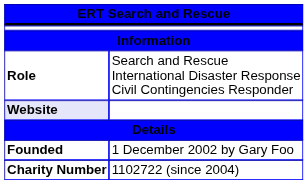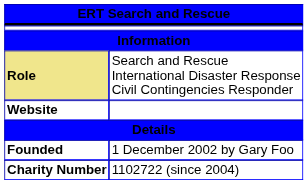 <table border="1" cellpadding="2" cellspacing="0" style="margin-left:1em; border:3px blue; " align="right">
 <tr>
 <th bgcolor="blue" colspan="3" align="center" style="border-bottom:3px solid"><span>ERT Search and Rescue</span></th>
 </tr>
 <tr>
 <td colspan="3" align="center"></td>
 </tr>
 <tr>
 <th bgcolor="blue" colspan="3"><span>Information</span></th>
 </tr>
 <tr>
-<td><strong>Role</strong></td>
+<td style="background: khaki;"><strong>Role</strong></td>
 <td colspan="2">Search and Rescue<br> International Disaster Response <br>Civil Contingencies Responder</td>
 </tr>
 <tr>
-<td style="background: lavender;"><strong>Website</strong></td>
+<td><strong>Website</strong></td>
 <td colspan="3"></td>
 </tr>
 <tr>
 </tr>
 <tr>
 </tr>
 <tr>
 <th bgcolor="blue" colspan="3"><span>Details</span></th>
 </tr>
 <tr>
 <td><strong>Founded</strong></td>
 <td colspan="2">1 December 2002 by Gary Foo</td>
 </tr>
 <tr>
 <td><strong>Charity Number</strong></td>
 <td colspan="2">1102722 (since 2004)</td>
 </tr>
 <tr>
 </tr>
 </table>
